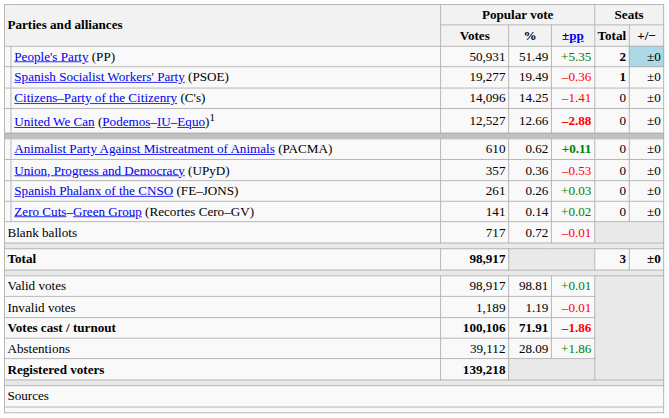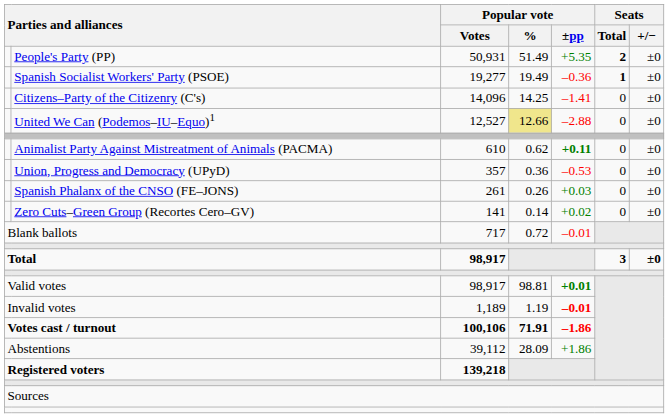 <table class="wikitable" style="text-align:right;">
 <tr>
 <th style="text-align:left;" rowspan="2" colspan="2" width="525">Parties and alliances</th>
 <th colspan="3">Popular vote</th>
 <th colspan="2">Seats</th>
 </tr>
 <tr>
 <th width="75">Votes</th>
 <th width="45">%</th>
 <th width="45">±<a href='#'>pp</a></th>
 <th width="35">Total</th>
 <th width="35">+/−</th>
 </tr>
 <tr>
 <td width="1" style="color:inherit;background:"></td>
 <td align="left"><a href='#'>People's Party</a> (PP)</td>
 <td>50,931</td>
 <td>51.49</td>
 <td style="color:green;">+5.35</td>
 <td><strong>2</strong></td>
-<td style="background: lightblue;">±0</td>
+<td>±0</td>
 </tr>
 <tr>
 <td style="color:inherit;background:"></td>
 <td align="left"><a href='#'>Spanish Socialist Workers' Party</a> (PSOE)</td>
 <td>19,277</td>
 <td>19.49</td>
 <td style="color:red;">–0.36</td>
 <td><strong>1</strong></td>
 <td>±0</td>
 </tr>
 <tr>
 <td style="color:inherit;background:"></td>
 <td align="left"><a href='#'>Citizens–Party of the Citizenry</a> (C's)</td>
 <td>14,096</td>
 <td>14.25</td>
 <td style="color:red;">–1.41</td>
 <td>0</td>
 <td>±0</td>
 </tr>
 <tr>
 <td style="color:inherit;background:"></td>
 <td align="left"><a href='#'>United We Can</a> (<a href='#'>Podemos</a>–<a href='#'>IU</a>–<a href='#'>Equo</a>)<sup>1</sup></td>
 <td>12,527</td>
-<td>12.66</td>
-<td style="color:red;"><strong>–2.88</strong></td>
+<td style="background: khaki;">12.66</td>
+<td style="color:red;">–2.88</td>
 <td>0</td>
 <td>±0</td>
 </tr>
 <tr>
 <td colspan="7" bgcolor="#C0C0C0"></td>
 </tr>
 <tr>
 <td style="color:inherit;background:"></td>
 <td align="left"><a href='#'>Animalist Party Against Mistreatment of Animals</a> (PACMA)</td>
 <td>610</td>
 <td>0.62</td>
 <td style="color:green;"><strong>+0.11</strong></td>
 <td>0</td>
 <td>±0</td>
 </tr>
 <tr>
 <td style="color:inherit;background:"></td>
 <td align="left"><a href='#'>Union, Progress and Democracy</a> (UPyD)</td>
 <td>357</td>
 <td>0.36</td>
 <td style="color:red;">–0.53</td>
 <td>0</td>
 <td>±0</td>
 </tr>
 <tr>
 <td style="color:inherit;background:"></td>
 <td align="left"><a href='#'>Spanish Phalanx of the CNSO</a> (FE–JONS)</td>
 <td>261</td>
 <td>0.26</td>
 <td style="color:green;">+0.03</td>
 <td>0</td>
 <td>±0</td>
 </tr>
 <tr>
 <td style="color:inherit;background:"></td>
 <td align="left"><a href='#'>Zero Cuts</a>–<a href='#'>Green Group</a> (Recortes Cero–GV)</td>
 <td>141</td>
 <td>0.14</td>
 <td style="color:green;">+0.02</td>
 <td>0</td>
 <td>±0</td>
 </tr>
 <tr>
 <td align="left" colspan="2">Blank ballots</td>
 <td>717</td>
 <td>0.72</td>
 <td style="color:red;">–0.01</td>
 <td bgcolor="#E9E9E9" colspan="2"></td>
 </tr>
 <tr>
 <td colspan="7" bgcolor="#E9E9E9"></td>
 </tr>
 <tr style="font-weight:bold;">
 <td align="left" colspan="2">Total</td>
 <td>98,917</td>
 <td bgcolor="#E9E9E9" colspan="2"></td>
 <td>3</td>
 <td>±0</td>
 </tr>
 <tr>
 <td colspan="7" bgcolor="#E9E9E9"></td>
 </tr>
 <tr>
 <td align="left" colspan="2">Valid votes</td>
 <td>98,917</td>
 <td>98.81</td>
-<td style="color:green;">+0.01</td>
+<td style="color:green;"><strong>+0.01</strong></td>
 <td bgcolor="#E9E9E9" colspan="2" rowspan="5"></td>
 </tr>
 <tr>
 <td align="left" colspan="2">Invalid votes</td>
 <td>1,189</td>
 <td>1.19</td>
-<td style="color:red;">–0.01</td>
+<td style="color:red;"><strong>–0.01</strong></td>
 </tr>
 <tr style="font-weight:bold;">
 <td align="left" colspan="2">Votes cast / turnout</td>
 <td>100,106</td>
 <td>71.91</td>
 <td style="color:red;">–1.86</td>
 </tr>
 <tr>
 <td align="left" colspan="2">Abstentions</td>
 <td>39,112</td>
 <td>28.09</td>
 <td style="color:green;">+1.86</td>
 </tr>
 <tr style="font-weight:bold;">
 <td align="left" colspan="2">Registered voters</td>
 <td>139,218</td>
 <td bgcolor="#E9E9E9" colspan="2"></td>
 </tr>
 <tr>
 <td colspan="7" bgcolor="#E9E9E9"></td>
 </tr>
 <tr>
 <td align="left" colspan="7">Sources</td>
 </tr>
 <tr>
 <td colspan="7" style="text-align:left; max-width:790px;"></td>
 </tr>
 </table>
